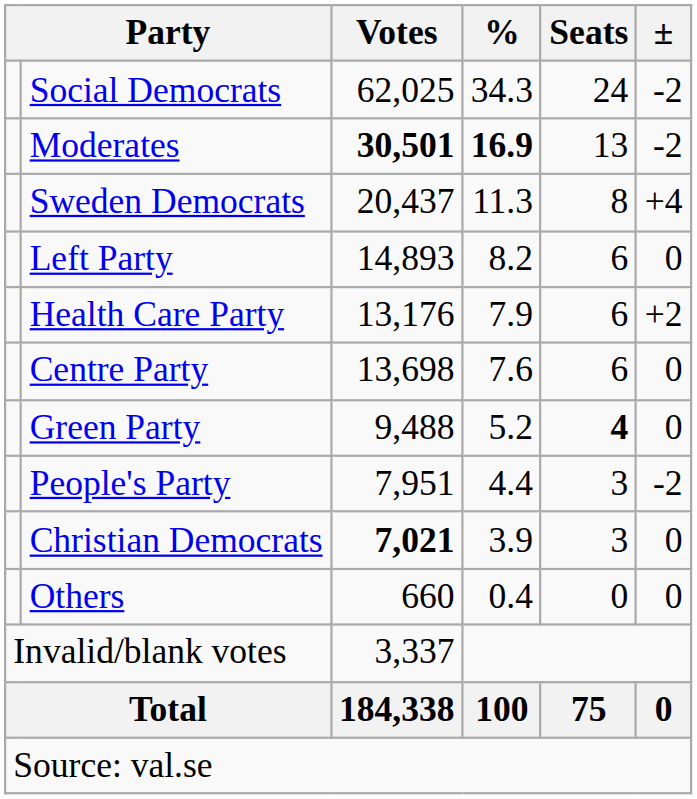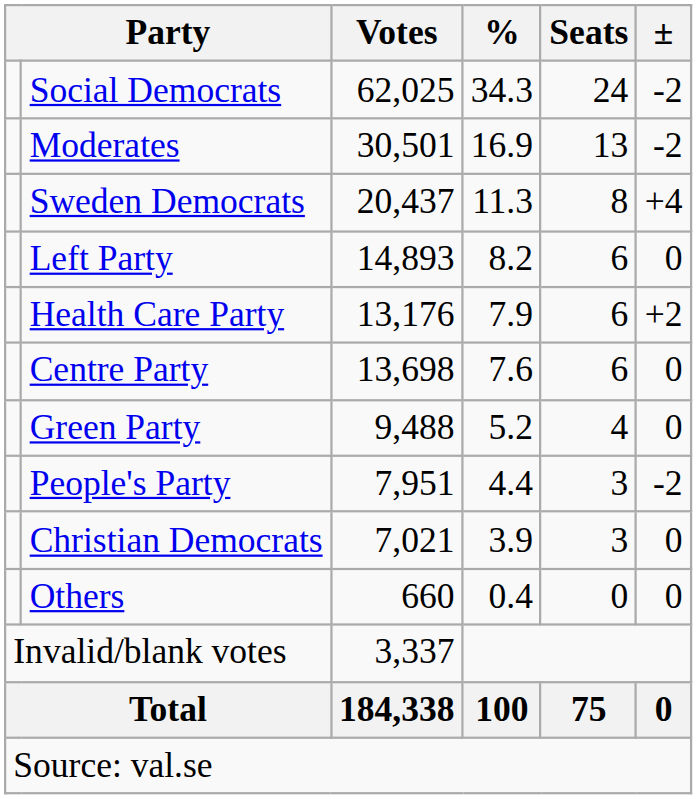 <table class=wikitable style=text-align:right>
 <tr>
 <th colspan=2>Party</th>
 <th>Votes</th>
 <th>%</th>
 <th>Seats</th>
 <th>±</th>
 </tr>
 <tr>
 <td bgcolor=></td>
 <td align=left><a href='#'>Social Democrats</a></td>
 <td>62,025</td>
 <td>34.3</td>
 <td>24</td>
 <td>-2</td>
 </tr>
 <tr>
 <td bgcolor=></td>
 <td align=left><a href='#'>Moderates</a></td>
-<td><strong>30,501</strong></td>
-<td><strong>16.9</strong></td>
+<td>30,501</td>
+<td>16.9</td>
 <td>13</td>
 <td>-2</td>
 </tr>
 <tr>
 <td bgcolor=></td>
 <td align=left><a href='#'>Sweden Democrats</a></td>
 <td>20,437</td>
 <td>11.3</td>
 <td>8</td>
 <td>+4</td>
 </tr>
 <tr>
 <td bgcolor=></td>
 <td align=left><a href='#'>Left Party</a></td>
 <td>14,893</td>
 <td>8.2</td>
 <td>6</td>
 <td>0</td>
 </tr>
 <tr>
 <td></td>
 <td align=left><a href='#'>Health Care Party</a></td>
 <td>13,176</td>
 <td>7.9</td>
 <td>6</td>
 <td>+2</td>
 </tr>
 <tr>
 <td bgcolor=></td>
 <td align=left><a href='#'>Centre Party</a></td>
 <td>13,698</td>
 <td>7.6</td>
 <td>6</td>
 <td>0</td>
 </tr>
 <tr>
 <td bgcolor=></td>
 <td align=left><a href='#'>Green Party</a></td>
 <td>9,488</td>
 <td>5.2</td>
-<td><strong>4</strong></td>
+<td>4</td>
 <td>0</td>
 </tr>
 <tr>
 <td bgcolor=></td>
 <td align=left><a href='#'>People's Party</a></td>
 <td>7,951</td>
 <td>4.4</td>
 <td>3</td>
 <td>-2</td>
 </tr>
 <tr>
 <td bgcolor=></td>
 <td align=left><a href='#'>Christian Democrats</a></td>
-<td><strong>7,021</strong></td>
+<td>7,021</td>
 <td>3.9</td>
 <td>3</td>
 <td>0</td>
 </tr>
 <tr>
 <td></td>
 <td align=left><a href='#'>Others</a></td>
 <td>660</td>
 <td>0.4</td>
 <td>0</td>
 <td>0</td>
 </tr>
 <tr>
 <td align=left colspan=2>Invalid/blank votes</td>
 <td>3,337</td>
 <td colspan=3></td>
 </tr>
 <tr>
 <th align=left colspan=2>Total</th>
 <th>184,338</th>
 <th>100</th>
 <th>75</th>
 <th>0</th>
 </tr>
 <tr>
 <td align=left colspan=6>Source: val.se </td>
 </tr>
 </table>
